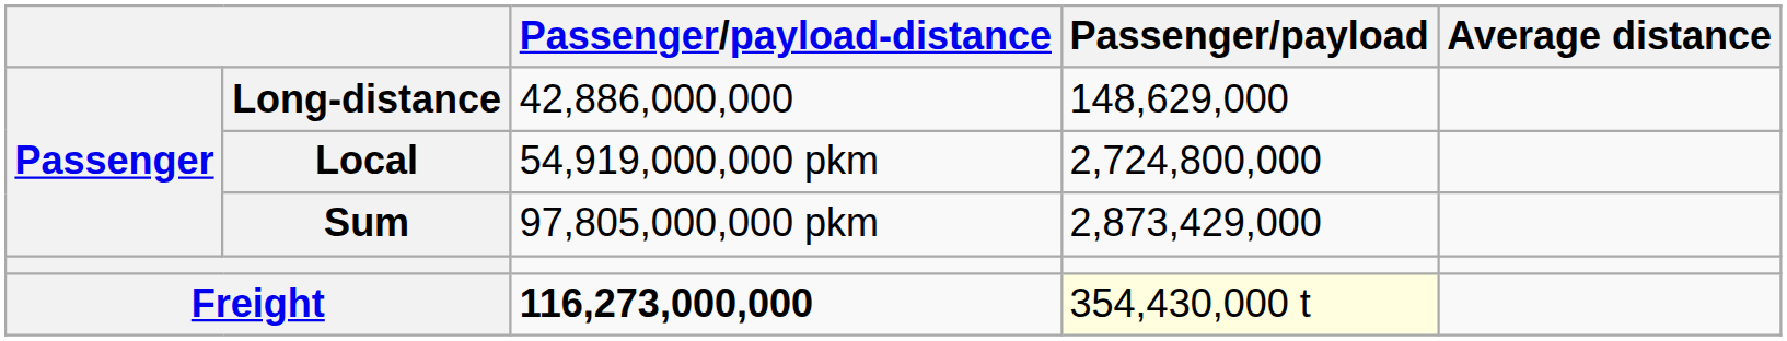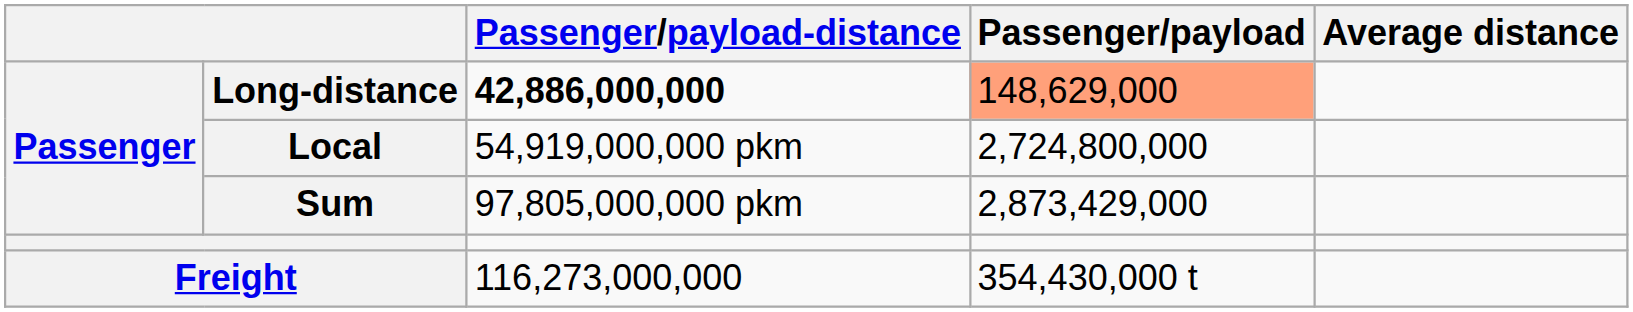 <table class="wikitable">
 <tr>
 <th colspan="2"></th>
 <th><a href='#'>Passenger</a>/<a href='#'>payload-distance</a></th>
 <th>Passenger/payload</th>
 <th>Average distance</th>
 </tr>
 <tr>
 <th rowspan="3"><a href='#'>Passenger</a></th>
 <th>Long-distance</th>
-<td>42,886,000,000 </td>
-<td>148,629,000</td>
+<td><strong>42,886,000,000 </strong></td>
+<td style="background: lightsalmon;">148,629,000</td>
 <td></td>
 </tr>
 <tr>
 <th>Local</th>
 <td>54,919,000,000 pkm</td>
 <td>2,724,800,000</td>
 <td></td>
 </tr>
 <tr>
 <th>Sum</th>
 <td>97,805,000,000 pkm</td>
 <td>2,873,429,000</td>
 <td></td>
 </tr>
 <tr>
 <th colspan="2"></th>
 <td></td>
 <td></td>
 <td></td>
 </tr>
 <tr>
 <th colspan="2"><a href='#'>Freight</a></th>
-<td><strong>116,273,000,000 </strong></td>
-<td style="background: lightyellow;">354,430,000 t</td>
+<td>116,273,000,000 </td>
+<td>354,430,000 t</td>
 <td></td>
 </tr>
 </table>
